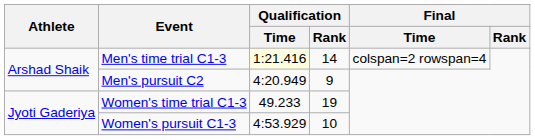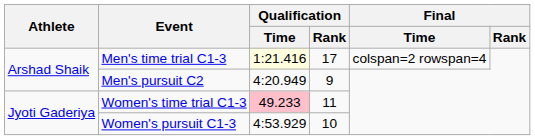 <table class="wikitable" style="font-size:90%">
 <tr>
 <th rowspan=2>Athlete</th>
 <th rowspan=2>Event</th>
 <th colspan=2>Qualification</th>
 <th colspan=2>Final</th>
 </tr>
 <tr>
 <th>Time</th>
 <th>Rank</th>
 <th>Time</th>
 <th>Rank</th>
 </tr>
 <tr>
 <td rowspan="2" align="left"><a href='#'>Arshad Shaik</a></td>
 <td align="left"><a href='#'>Men's time trial C1-3</a></td>
 <td align="center" style="background: lightyellow;">1:21.416</td>
-<td align="center">14</td>
+<td align="center">17</td>
 <td>colspan=2 rowspan=4 </td>
 </tr>
 <tr>
 <td align="left"><a href='#'>Men's pursuit C2</a></td>
 <td align="center">4:20.949</td>
 <td align="center">9</td>
 </tr>
 <tr>
 <td rowspan="2" align="left"><a href='#'>Jyoti Gaderiya</a></td>
 <td align="left"><a href='#'>Women's time trial C1-3</a></td>
-<td align="center">49.233</td>
-<td align="center">19</td>
+<td align="center" style="background: pink;">49.233</td>
+<td align="center">11</td>
 </tr>
 <tr>
 <td align="left"><a href='#'>Women's pursuit C1-3</a></td>
 <td align="center">4:53.929</td>
 <td align="center">10</td>
 </tr>
 </table>
